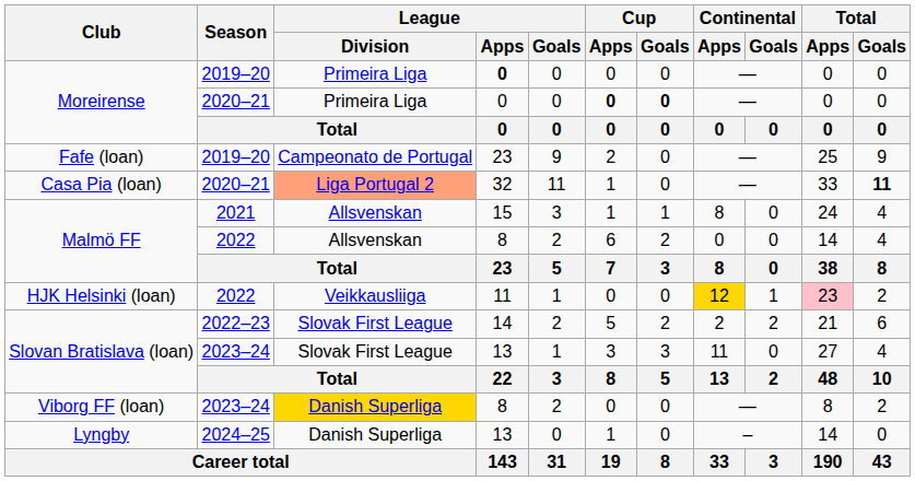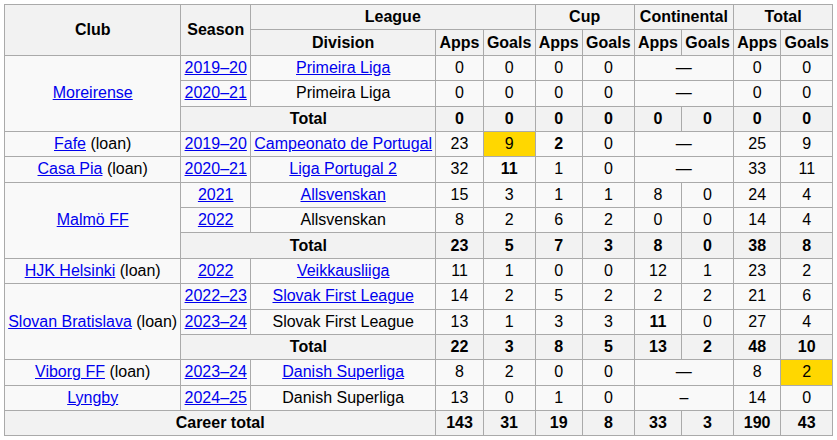 <table class="wikitable" style="text-align: center">
 <tr>
 <th rowspan="2">Club</th>
 <th rowspan="2">Season</th>
 <th colspan="3">League</th>
 <th colspan="2">Cup</th>
 <th colspan="2">Continental</th>
 <th colspan="2">Total</th>
 </tr>
 <tr>
 <th>Division</th>
 <th>Apps</th>
 <th>Goals</th>
 <th>Apps</th>
 <th>Goals</th>
 <th>Apps</th>
 <th>Goals</th>
 <th>Apps</th>
 <th>Goals</th>
 </tr>
 <tr>
 <td rowspan="3"><a href='#'>Moreirense</a></td>
 <td><a href='#'>2019–20</a></td>
 <td><a href='#'>Primeira Liga</a></td>
-<td><strong>0</strong></td>
+<td>0</td>
 <td>0</td>
 <td>0</td>
 <td>0</td>
 <td colspan="2">—</td>
 <td>0</td>
 <td>0</td>
 </tr>
 <tr>
 <td><a href='#'>2020–21</a></td>
 <td>Primeira Liga</td>
 <td>0</td>
 <td>0</td>
-<td><strong>0</strong></td>
-<td><strong>0</strong></td>
+<td>0</td>
+<td>0</td>
 <td colspan="2">—</td>
 <td>0</td>
 <td>0</td>
 </tr>
 <tr>
 <th colspan="2"><strong>Total</strong></th>
 <th>0</th>
 <th>0</th>
 <th>0</th>
 <th>0</th>
 <th>0</th>
 <th>0</th>
 <th>0</th>
 <th>0</th>
 </tr>
 <tr>
 <td><a href='#'>Fafe</a> (loan)</td>
 <td><a href='#'>2019–20</a></td>
 <td><a href='#'>Campeonato de Portugal</a></td>
 <td>23</td>
-<td>9</td>
-<td>2</td>
+<td style="background: gold;">9</td>
+<td><strong>2</strong></td>
 <td>0</td>
 <td colspan="2">—</td>
 <td>25</td>
 <td>9</td>
 </tr>
 <tr>
 <td><a href='#'>Casa Pia</a> (loan)</td>
 <td><a href='#'>2020–21</a></td>
-<td style="background: lightsalmon;"><a href='#'>Liga Portugal 2</a></td>
+<td><a href='#'>Liga Portugal 2</a></td>
 <td>32</td>
-<td>11</td>
+<td><strong>11</strong></td>
 <td>1</td>
 <td>0</td>
 <td colspan="2">—</td>
 <td>33</td>
-<td><strong>11</strong></td>
+<td>11</td>
 </tr>
 <tr>
 <td rowspan="3"><a href='#'>Malmö FF</a></td>
 <td><a href='#'>2021</a></td>
 <td><a href='#'>Allsvenskan</a></td>
 <td>15</td>
 <td>3</td>
 <td>1</td>
 <td>1</td>
 <td>8</td>
 <td>0</td>
 <td>24</td>
 <td>4</td>
 </tr>
 <tr>
 <td><a href='#'>2022</a></td>
 <td>Allsvenskan</td>
 <td>8</td>
 <td>2</td>
 <td>6</td>
 <td>2</td>
 <td>0</td>
 <td>0</td>
 <td>14</td>
 <td>4</td>
 </tr>
 <tr>
 <th colspan="2"><strong>Total</strong></th>
 <th>23</th>
 <th>5</th>
 <th>7</th>
 <th>3</th>
 <th>8</th>
 <th>0</th>
 <th>38</th>
 <th>8</th>
 </tr>
 <tr>
 <td><a href='#'>HJK Helsinki</a> (loan)</td>
 <td><a href='#'>2022</a></td>
 <td><a href='#'>Veikkausliiga</a></td>
 <td>11</td>
 <td>1</td>
 <td>0</td>
 <td>0</td>
-<td style="background: gold;">12</td>
+<td>12</td>
 <td>1</td>
-<td style="background: pink;">23</td>
+<td>23</td>
 <td>2</td>
 </tr>
 <tr>
 <td rowspan="3"><a href='#'>Slovan Bratislava</a> (loan)</td>
 <td><a href='#'>2022–23</a></td>
 <td><a href='#'>Slovak First League</a></td>
 <td>14</td>
 <td>2</td>
 <td>5</td>
 <td>2</td>
 <td>2</td>
 <td>2</td>
 <td>21</td>
 <td>6</td>
 </tr>
 <tr>
 <td><a href='#'>2023–24</a></td>
 <td>Slovak First League</td>
 <td>13</td>
 <td>1</td>
 <td>3</td>
 <td>3</td>
-<td>11</td>
+<td><strong>11</strong></td>
 <td>0</td>
 <td>27</td>
 <td>4</td>
 </tr>
 <tr>
 <th colspan="2"><strong>Total</strong></th>
 <th>22</th>
 <th>3</th>
 <th>8</th>
 <th>5</th>
 <th>13</th>
 <th>2</th>
 <th>48</th>
 <th>10</th>
 </tr>
 <tr>
 <td><a href='#'>Viborg FF</a> (loan)</td>
 <td><a href='#'>2023–24</a></td>
-<td style="background: gold;"><a href='#'>Danish Superliga</a></td>
+<td><a href='#'>Danish Superliga</a></td>
 <td>8</td>
 <td>2</td>
 <td>0</td>
 <td>0</td>
 <td colspan="2">—</td>
 <td>8</td>
-<td>2</td>
+<td style="background: gold;">2</td>
 </tr>
 <tr>
 <td><a href='#'>Lyngby</a></td>
 <td><a href='#'>2024–25</a></td>
 <td>Danish Superliga</td>
 <td>13</td>
 <td>0</td>
 <td>1</td>
 <td>0</td>
 <td colspan=2>–</td>
 <td>14</td>
 <td>0</td>
 </tr>
 <tr>
 <th colspan="3"><strong>Career total</strong></th>
 <th>143</th>
 <th>31</th>
 <th>19</th>
 <th>8</th>
 <th>33</th>
 <th>3</th>
 <th>190</th>
 <th>43</th>
 </tr>
 </table>
